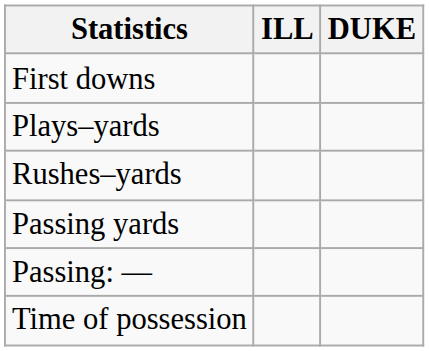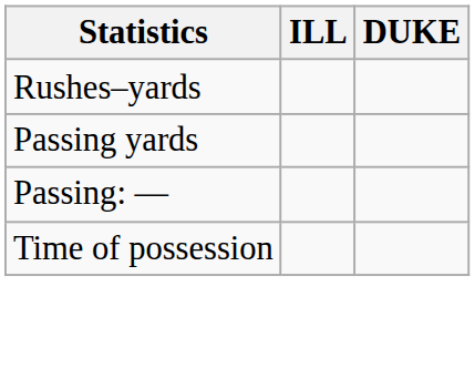 <table class="wikitable" style="float:left">
 <tr>
 <th>Statistics</th>
 <th>ILL</th>
 <th>DUKE</th>
-</tr>
-<tr>
-<td>First downs</td>
-<td></td>
-<td></td>
-</tr>
-<tr>
-<td>Plays–yards</td>
-<td></td>
-<td></td>
 </tr>
 <tr>
 <td>Rushes–yards</td>
 <td></td>
 <td></td>
 </tr>
 <tr>
 <td>Passing yards</td>
 <td></td>
 <td></td>
 </tr>
 <tr>
 <td>Passing: ––</td>
 <td></td>
 <td></td>
 </tr>
 <tr>
 <td>Time of possession</td>
 <td></td>
 <td></td>
 </tr>
 </table>
